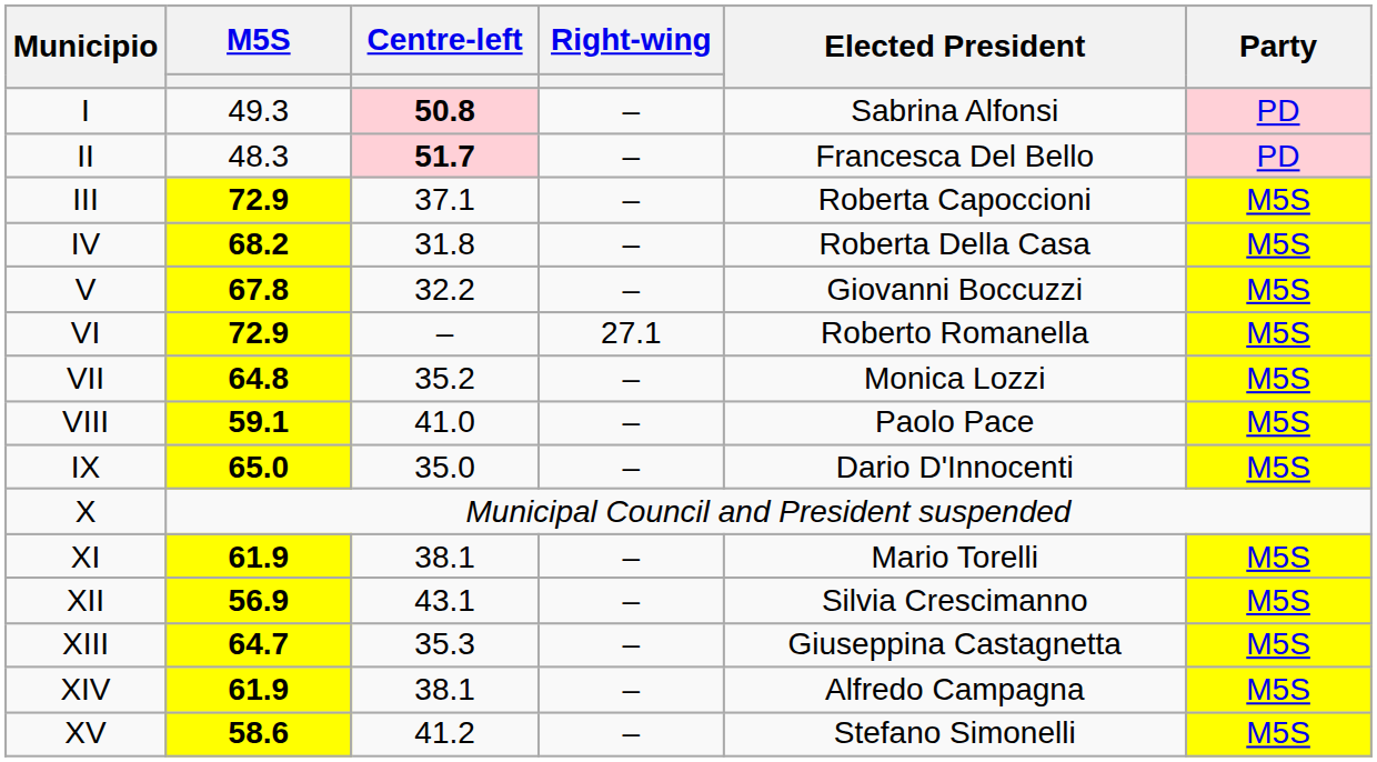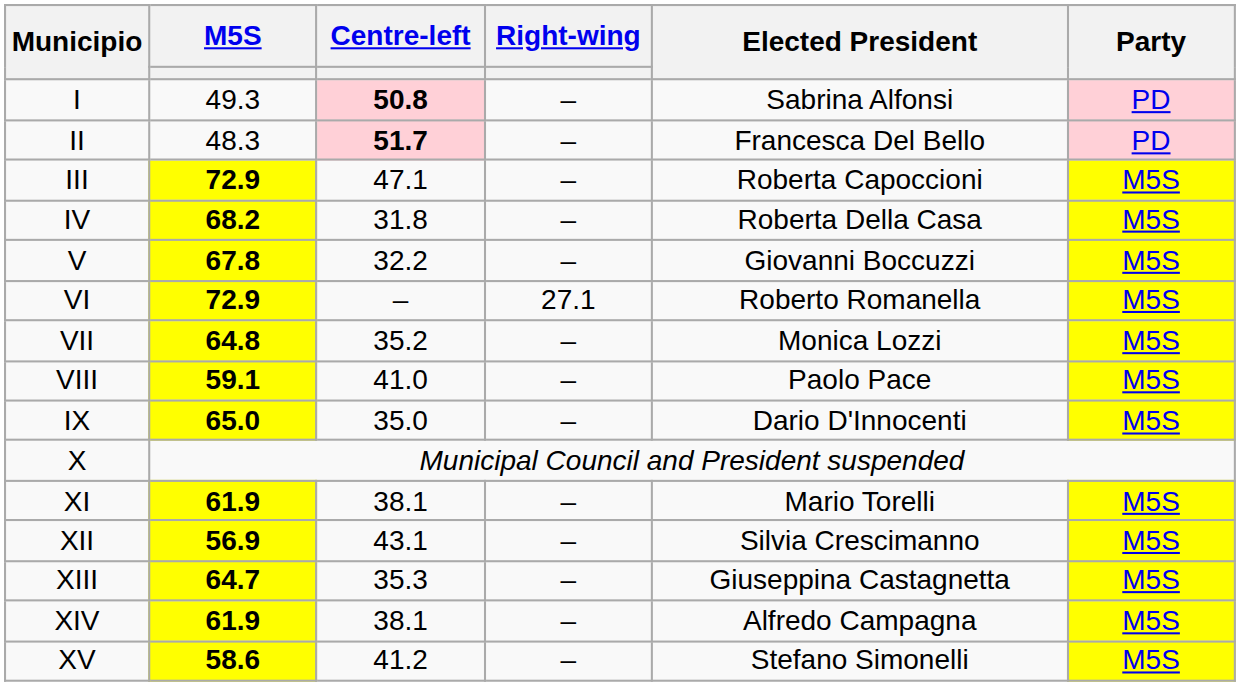 <table class="wikitable" style="text-align:center;font-size:85%;line-height:13px">
 <tr style="height:30px; background-color:#E9E9E9">
 <th style="width:50px;" rowspan="2">Municipio</th>
 <th style="width:75px;"><a href='#'>M5S</a></th>
 <th style="width:75px;"><a href='#'>Centre-left</a></th>
 <th style="width:75px;"><a href='#'>Right-wing</a></th>
 <th style="width:195px;" rowspan="2">Elected President</th>
 <th style="width:75px;" rowspan="2">Party</th>
 </tr>
 <tr>
 <th style="background:"></th>
 <th style="background:"></th>
 <th style="background:"></th>
 </tr>
 <tr>
 <td>I</td>
 <td>49.3</td>
 <td style="background:#FFD0D7"><strong>50.8</strong></td>
 <td>–</td>
 <td>Sabrina Alfonsi</td>
 <td style="background:#FFD0D7"><a href='#'>PD</a></td>
 </tr>
 <tr>
 <td>II</td>
 <td>48.3</td>
 <td style="background:#FFD0D7"><strong>51.7</strong></td>
 <td>–</td>
 <td>Francesca Del Bello</td>
 <td style="background:#FFD0D7"><a href='#'>PD</a></td>
 </tr>
 <tr>
 <td>III</td>
 <td style="background:yellow"><strong>72.9</strong></td>
-<td>37.1</td>
+<td>47.1</td>
 <td>–</td>
 <td>Roberta Capoccioni</td>
 <td style="background:yellow"><a href='#'>M5S</a></td>
 </tr>
 <tr>
 <td>IV</td>
 <td style="background:yellow"><strong>68.2</strong></td>
 <td>31.8</td>
 <td>–</td>
 <td>Roberta Della Casa</td>
 <td style="background:yellow"><a href='#'>M5S</a></td>
 </tr>
 <tr>
 <td>V</td>
 <td style="background:yellow"><strong>67.8</strong></td>
 <td>32.2</td>
 <td>–</td>
 <td>Giovanni Boccuzzi</td>
 <td style="background:yellow"><a href='#'>M5S</a></td>
 </tr>
 <tr>
 <td>VI</td>
 <td style="background:yellow"><strong>72.9</strong></td>
 <td>–</td>
 <td>27.1</td>
 <td>Roberto Romanella</td>
 <td style="background:yellow"><a href='#'>M5S</a></td>
 </tr>
 <tr>
 <td>VII</td>
 <td style="background:yellow"><strong>64.8</strong></td>
 <td>35.2</td>
 <td>–</td>
 <td>Monica Lozzi</td>
 <td style="background:yellow"><a href='#'>M5S</a></td>
 </tr>
 <tr>
 <td>VIII</td>
 <td style="background:yellow"><strong>59.1</strong></td>
 <td>41.0</td>
 <td>–</td>
 <td>Paolo Pace</td>
 <td style="background:yellow"><a href='#'>M5S</a></td>
 </tr>
 <tr>
 <td>IX</td>
 <td style="background:yellow"><strong>65.0</strong></td>
 <td>35.0</td>
 <td>–</td>
 <td>Dario D'Innocenti</td>
 <td style="background:yellow"><a href='#'>M5S</a></td>
 </tr>
 <tr>
 <td>X</td>
 <td colspan=5><em>Municipal Council and President suspended</em></td>
 </tr>
 <tr>
 <td>XI</td>
 <td style="background:yellow"><strong>61.9</strong></td>
 <td>38.1</td>
 <td>–</td>
 <td>Mario Torelli</td>
 <td style="background:yellow"><a href='#'>M5S</a></td>
 </tr>
 <tr>
 <td>XII</td>
 <td style="background:yellow"><strong>56.9</strong></td>
 <td>43.1</td>
 <td>–</td>
 <td>Silvia Crescimanno</td>
 <td style="background:yellow"><a href='#'>M5S</a></td>
 </tr>
 <tr>
 <td>XIII</td>
 <td style="background:yellow"><strong>64.7</strong></td>
 <td>35.3</td>
 <td>–</td>
 <td>Giuseppina Castagnetta</td>
 <td style="background:yellow"><a href='#'>M5S</a></td>
 </tr>
 <tr>
 <td>XIV</td>
 <td style="background:yellow"><strong>61.9</strong></td>
 <td>38.1</td>
 <td>–</td>
 <td>Alfredo Campagna</td>
 <td style="background:yellow"><a href='#'>M5S</a></td>
 </tr>
 <tr>
 <td>XV</td>
 <td style="background:yellow"><strong>58.6</strong></td>
 <td>41.2</td>
 <td>–</td>
 <td>Stefano Simonelli</td>
 <td style="background:yellow"><a href='#'>M5S</a></td>
 </tr>
 </table>
